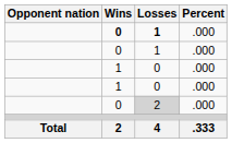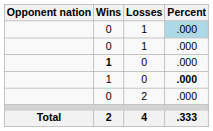 <table class=wikitable>
 <tr>
 <th>Opponent nation</th>
 <th>Wins</th>
 <th>Losses</th>
 <th>Percent</th>
 </tr>
 <tr align=center>
 <td align=left></td>
-<td><strong>0</strong></td>
-<td><strong>1</strong></td>
-<td>.000</td>
+<td>0</td>
+<td>1</td>
+<td style="background: lightblue;">.000</td>
 </tr>
 <tr align=center>
 <td align=left></td>
 <td>0</td>
 <td>1</td>
 <td>.000</td>
 </tr>
 <tr align=center>
 <td align=left></td>
-<td>1</td>
+<td><strong>1</strong></td>
 <td>0</td>
 <td>.000</td>
 </tr>
 <tr align=center>
 <td align=left></td>
 <td>1</td>
 <td>0</td>
-<td>.000</td>
+<td><strong>.000</strong></td>
 </tr>
 <tr align=center>
 <td align=left></td>
 <td>0</td>
-<td style="background: lightgrey;">2</td>
+<td>2</td>
 <td>.000</td>
 </tr>
 <tr>
 <td colspan=4 bgcolor=lightgray></td>
 </tr>
 <tr>
 <th>Total</th>
 <th>2</th>
 <th>4</th>
 <th>.333</th>
 </tr>
 </table>
